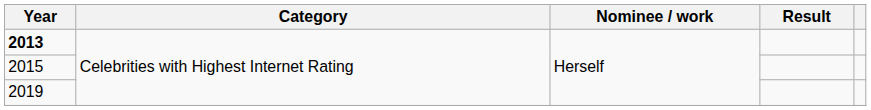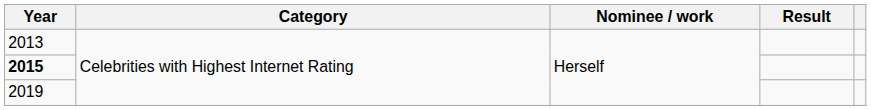 <table class="wikitable" style="width:55%;">
 <tr>
 <th>Year</th>
 <th>Category</th>
 <th>Nominee / work</th>
 <th>Result</th>
 <th></th>
 </tr>
 <tr>
-<td><strong>2013</strong></td>
+<td>2013</td>
 <td rowspan="3">Celebrities with Highest Internet Rating</td>
 <td rowspan="3">Herself</td>
 <td></td>
 <td style="text-align:center;"></td>
 </tr>
 <tr>
-<td>2015</td>
+<td><strong>2015</strong></td>
 <td></td>
 <td style="text-align:center;"></td>
 </tr>
 <tr>
 <td>2019</td>
 <td></td>
 <td style="text-align:center;"></td>
 </tr>
 <tr>
 </tr>
 </table>
